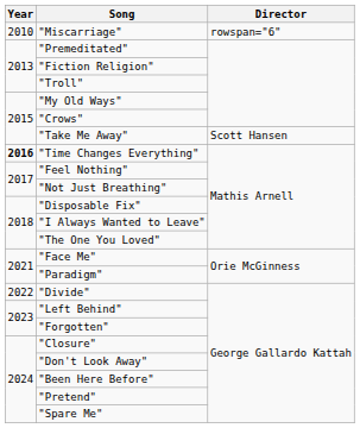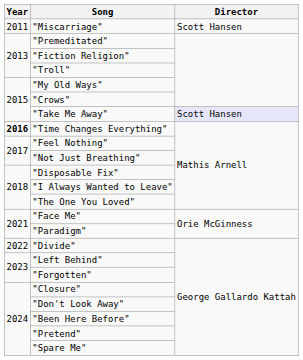 <table class="wikitable">
 <tr>
 <th>Year</th>
 <th>Song</th>
 <th>Director</th>
 </tr>
 <tr>
-<td>2010</td>
+<td>2011</td>
 <td>"Miscarriage"</td>
-<td>rowspan="6" </td>
+<td>Scott Hansen</td>
 </tr>
 <tr>
 <td rowspan="3">2013</td>
 <td>"Premeditated"</td>
 </tr>
 <tr>
 <td>"Fiction Religion"</td>
 </tr>
 <tr>
 <td>"Troll"</td>
 </tr>
 <tr>
 <td rowspan="3">2015</td>
 <td>"My Old Ways"</td>
 </tr>
 <tr>
 <td>"Crows"</td>
 </tr>
 <tr>
 <td>"Take Me Away"</td>
-<td>Scott Hansen</td>
+<td style="background: lavender;">Scott Hansen</td>
 </tr>
 <tr>
 <td><strong>2016</strong></td>
 <td>"Time Changes Everything"</td>
 <td rowspan="6">Mathis Arnell</td>
 </tr>
 <tr>
 <td rowspan="2">2017</td>
 <td>"Feel Nothing"</td>
 </tr>
 <tr>
 <td>"Not Just Breathing"</td>
 </tr>
 <tr>
 <td rowspan="3">2018</td>
 <td>"Disposable Fix"</td>
 </tr>
 <tr>
 <td>"I Always Wanted to Leave"</td>
 </tr>
 <tr>
 <td>"The One You Loved"</td>
 </tr>
 <tr>
 <td rowspan="2">2021</td>
 <td>"Face Me"</td>
 <td rowspan="2">Orie McGinness</td>
 </tr>
 <tr>
 <td>"Paradigm"</td>
 </tr>
 <tr>
 <td>2022</td>
 <td>"Divide"</td>
 <td rowspan="8">George Gallardo Kattah</td>
 </tr>
 <tr>
 <td rowspan="2">2023</td>
 <td>"Left Behind"</td>
 </tr>
 <tr>
 <td>"Forgotten"</td>
 </tr>
 <tr>
 <td rowspan="5">2024</td>
 <td>"Closure"</td>
 </tr>
 <tr>
 <td>"Don't Look Away"</td>
 </tr>
 <tr>
 <td>"Been Here Before"</td>
 </tr>
 <tr>
 <td>"Pretend"</td>
 </tr>
 <tr>
 <td>"Spare Me"</td>
 </tr>
 </table>
